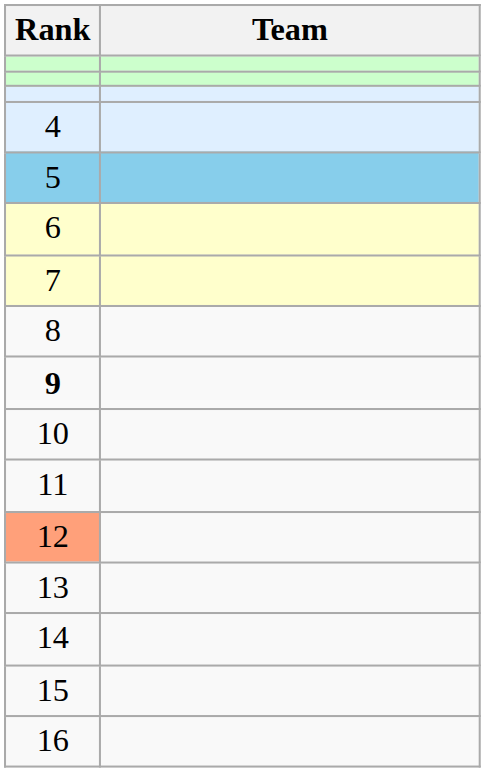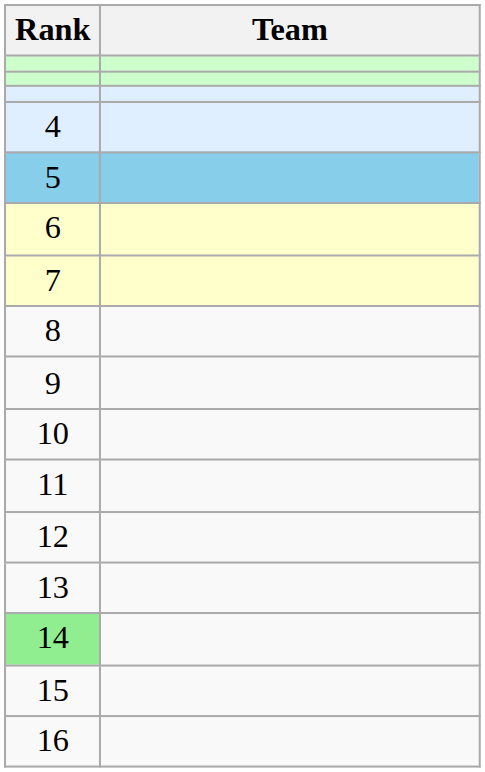 <table class="wikitable" style="text-align:center;">
 <tr>
 <th width=40>Rank</th>
 <th width=180>Team</th>
 </tr>
 <tr bgcolor=#ccffcc>
 <td></td>
 <td style="text-align:left;"></td>
 </tr>
 <tr bgcolor=#ccffcc>
 <td></td>
 <td style="text-align:left;"></td>
 </tr>
 <tr bgcolor=#dfefff>
 <td></td>
 <td style="text-align:left;"></td>
 </tr>
 <tr bgcolor=#dfefff>
 <td>4</td>
 <td style="text-align:left;"></td>
 </tr>
 <tr bgcolor=#87ceeb>
 <td>5</td>
 <td style="text-align:left;"></td>
 </tr>
 <tr bgcolor=#ffffcc>
 <td>6</td>
 <td style="text-align:left;"></td>
 </tr>
 <tr bgcolor=#ffffcc>
 <td>7</td>
 <td style="text-align:left;"></td>
 </tr>
 <tr>
 <td>8</td>
 <td style="text-align:left;"></td>
 </tr>
 <tr>
-<td><strong>9</strong></td>
+<td>9</td>
 <td style="text-align:left;"></td>
 </tr>
 <tr>
 <td>10</td>
 <td style="text-align:left;"></td>
 </tr>
 <tr>
 <td>11</td>
 <td style="text-align:left;"></td>
 </tr>
 <tr>
-<td style="background: lightsalmon;">12</td>
+<td>12</td>
 <td style="text-align:left;"></td>
 </tr>
 <tr>
 <td>13</td>
 <td style="text-align:left;"></td>
 </tr>
 <tr>
-<td>14</td>
+<td style="background: lightgreen;">14</td>
 <td style="text-align:left;"></td>
 </tr>
 <tr>
 <td>15</td>
 <td style="text-align:left;"></td>
 </tr>
 <tr>
 <td>16</td>
 <td style="text-align:left;"></td>
 </tr>
 </table>
